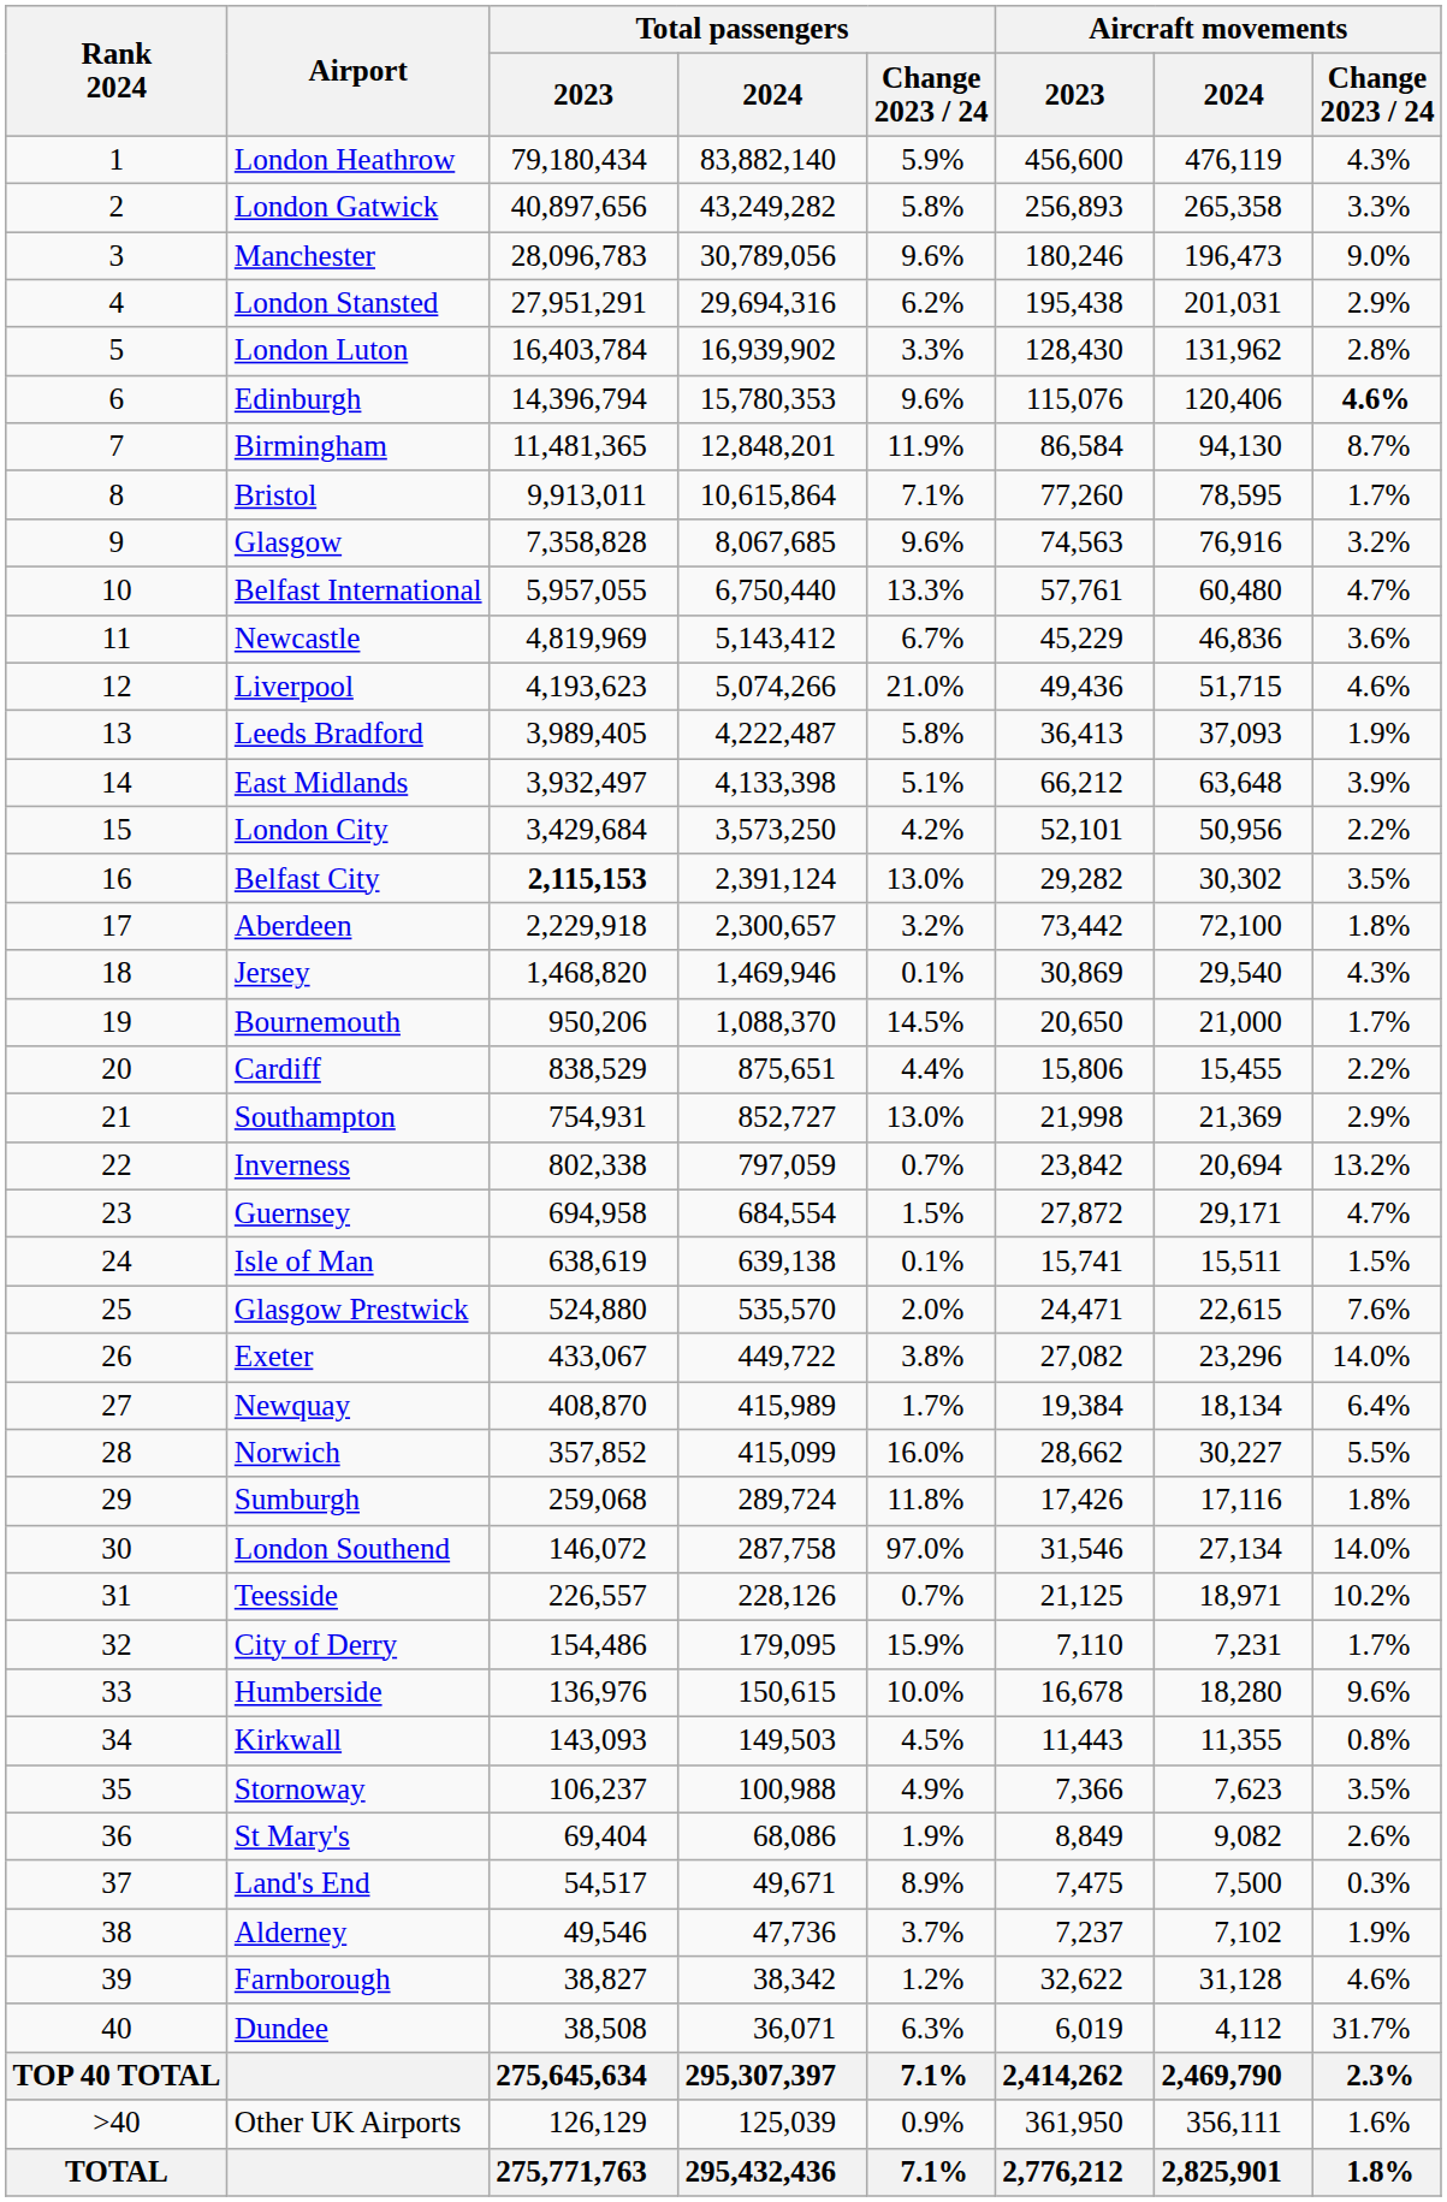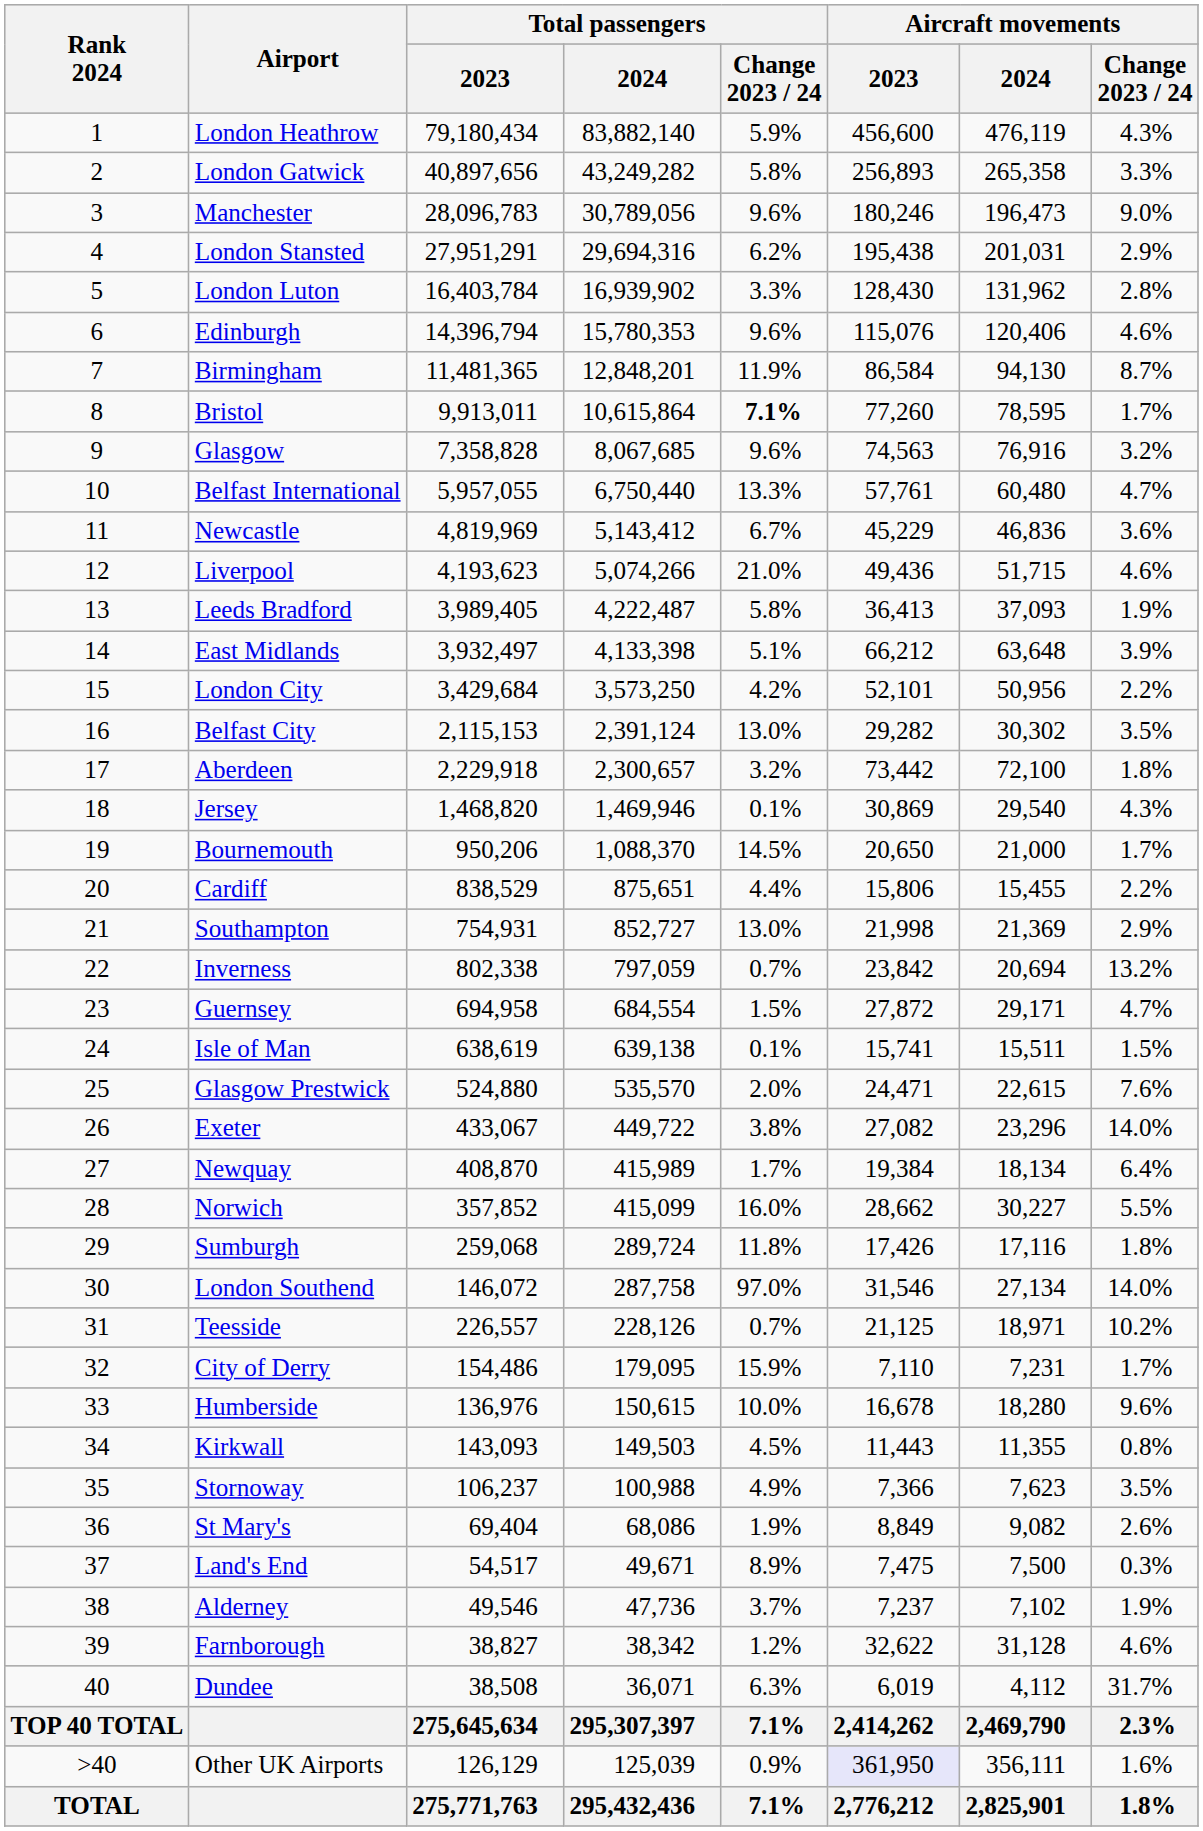 <table class="wikitable sortable" style="text-align: right;">
 <tr>
 <th rowspan=2>Rank<br>2024</th>
 <th rowspan="2">Airport</th>
 <th colspan=3>Total passengers</th>
 <th colspan=3>Aircraft movements</th>
 </tr>
 <tr>
 <th>2023</th>
 <th>2024</th>
 <th>Change<br>2023 / 24</th>
 <th>2023</th>
 <th>2024</th>
 <th>Change<br>2023 / 24</th>
 </tr>
 <tr>
 <td align='center'>1</td>
 <td align='left'><a href='#'>London Heathrow</a></td>
 <td style="padding-right: 1em;">79,180,434</td>
 <td style="padding-right: 1em;">83,882,140</td>
 <td style="padding-right: 1em;">5.9%</td>
 <td style="padding-right: 1em;">456,600</td>
 <td style="padding-right: 1em;">476,119</td>
 <td style="padding-right: 1em;">4.3%</td>
 </tr>
 <tr>
 <td align='center'>2</td>
 <td align='left'><a href='#'>London Gatwick</a></td>
 <td style="padding-right: 1em;">40,897,656</td>
 <td style="padding-right: 1em;">43,249,282</td>
 <td style="padding-right: 1em;">5.8%</td>
 <td style="padding-right: 1em;">256,893</td>
 <td style="padding-right: 1em;">265,358</td>
 <td style="padding-right: 1em;">3.3%</td>
 </tr>
 <tr>
 <td align='center'>3</td>
 <td align='left'><a href='#'>Manchester</a></td>
 <td style="padding-right: 1em;">28,096,783</td>
 <td style="padding-right: 1em;">30,789,056</td>
 <td style="padding-right: 1em;">9.6%</td>
 <td style="padding-right: 1em;">180,246</td>
 <td style="padding-right: 1em;">196,473</td>
 <td style="padding-right: 1em;">9.0%</td>
 </tr>
 <tr>
 <td align='center'>4</td>
 <td align='left'><a href='#'>London Stansted</a></td>
 <td style="padding-right: 1em;">27,951,291</td>
 <td style="padding-right: 1em;">29,694,316</td>
 <td style="padding-right: 1em;">6.2%</td>
 <td style="padding-right: 1em;">195,438</td>
 <td style="padding-right: 1em;">201,031</td>
 <td style="padding-right: 1em;">2.9%</td>
 </tr>
 <tr>
 <td align='center'>5</td>
 <td align='left'><a href='#'>London Luton</a></td>
 <td style="padding-right: 1em;">16,403,784</td>
 <td style="padding-right: 1em;">16,939,902</td>
 <td style="padding-right: 1em;">3.3%</td>
 <td style="padding-right: 1em;">128,430</td>
 <td style="padding-right: 1em;">131,962</td>
 <td style="padding-right: 1em;">2.8%</td>
 </tr>
 <tr>
 <td align='center'>6</td>
 <td align='left'><a href='#'>Edinburgh</a></td>
 <td style="padding-right: 1em;">14,396,794</td>
 <td style="padding-right: 1em;">15,780,353</td>
 <td style="padding-right: 1em;">9.6%</td>
 <td style="padding-right: 1em;">115,076</td>
 <td style="padding-right: 1em;">120,406</td>
-<td style="padding-right: 1em;"><strong>4.6%</strong></td>
+<td style="padding-right: 1em;">4.6%</td>
 </tr>
 <tr>
 <td align='center'>7</td>
 <td align='left'><a href='#'>Birmingham</a></td>
 <td style="padding-right: 1em;">11,481,365</td>
 <td style="padding-right: 1em;">12,848,201</td>
 <td style="padding-right: 1em;">11.9%</td>
 <td style="padding-right: 1em;">86,584</td>
 <td style="padding-right: 1em;">94,130</td>
 <td style="padding-right: 1em;">8.7%</td>
 </tr>
 <tr>
 <td align='center'>8</td>
 <td align='left'><a href='#'>Bristol</a></td>
 <td style="padding-right: 1em;">9,913,011</td>
 <td style="padding-right: 1em;">10,615,864</td>
-<td style="padding-right: 1em;">7.1%</td>
+<td style="padding-right: 1em;"><strong>7.1%</strong></td>
 <td style="padding-right: 1em;">77,260</td>
 <td style="padding-right: 1em;">78,595</td>
 <td style="padding-right: 1em;">1.7%</td>
 </tr>
 <tr>
 <td align='center'>9</td>
 <td align='left'><a href='#'>Glasgow</a></td>
 <td style="padding-right: 1em;">7,358,828</td>
 <td style="padding-right: 1em;">8,067,685</td>
 <td style="padding-right: 1em;">9.6%</td>
 <td style="padding-right: 1em;">74,563</td>
 <td style="padding-right: 1em;">76,916</td>
 <td style="padding-right: 1em;">3.2%</td>
 </tr>
 <tr>
 <td align='center'>10</td>
 <td align='left'><a href='#'>Belfast International</a></td>
 <td style="padding-right: 1em;">5,957,055</td>
 <td style="padding-right: 1em;">6,750,440</td>
 <td style="padding-right: 1em;">13.3%</td>
 <td style="padding-right: 1em;">57,761</td>
 <td style="padding-right: 1em;">60,480</td>
 <td style="padding-right: 1em;">4.7%</td>
 </tr>
 <tr>
 <td align='center'>11</td>
 <td align='left'><a href='#'>Newcastle</a></td>
 <td style="padding-right: 1em;">4,819,969</td>
 <td style="padding-right: 1em;">5,143,412</td>
 <td style="padding-right: 1em;">6.7%</td>
 <td style="padding-right: 1em;">45,229</td>
 <td style="padding-right: 1em;">46,836</td>
 <td style="padding-right: 1em;">3.6%</td>
 </tr>
 <tr>
 <td align='center'>12</td>
 <td align='left'><a href='#'>Liverpool</a></td>
 <td style="padding-right: 1em;">4,193,623</td>
 <td style="padding-right: 1em;">5,074,266</td>
 <td style="padding-right: 1em;">21.0%</td>
 <td style="padding-right: 1em;">49,436</td>
 <td style="padding-right: 1em;">51,715</td>
 <td style="padding-right: 1em;">4.6%</td>
 </tr>
 <tr>
 <td align='center'>13</td>
 <td align='left'><a href='#'>Leeds Bradford</a></td>
 <td style="padding-right: 1em;">3,989,405</td>
 <td style="padding-right: 1em;">4,222,487</td>
 <td style="padding-right: 1em;">5.8%</td>
 <td style="padding-right: 1em;">36,413</td>
 <td style="padding-right: 1em;">37,093</td>
 <td style="padding-right: 1em;">1.9%</td>
 </tr>
 <tr>
 <td align='center'>14</td>
 <td align='left'><a href='#'>East Midlands</a></td>
 <td style="padding-right: 1em;">3,932,497</td>
 <td style="padding-right: 1em;">4,133,398</td>
 <td style="padding-right: 1em;">5.1%</td>
 <td style="padding-right: 1em;">66,212</td>
 <td style="padding-right: 1em;">63,648</td>
 <td style="padding-right: 1em;">3.9%</td>
 </tr>
 <tr>
 <td align='center'>15</td>
 <td align='left'><a href='#'>London City</a></td>
 <td style="padding-right: 1em;">3,429,684</td>
 <td style="padding-right: 1em;">3,573,250</td>
 <td style="padding-right: 1em;">4.2%</td>
 <td style="padding-right: 1em;">52,101</td>
 <td style="padding-right: 1em;">50,956</td>
 <td style="padding-right: 1em;">2.2%</td>
 </tr>
 <tr>
 <td align='center'>16</td>
 <td align='left'><a href='#'>Belfast City</a></td>
-<td style="padding-right: 1em;"><strong>2,115,153</strong></td>
+<td style="padding-right: 1em;">2,115,153</td>
 <td style="padding-right: 1em;">2,391,124</td>
 <td style="padding-right: 1em;">13.0%</td>
 <td style="padding-right: 1em;">29,282</td>
 <td style="padding-right: 1em;">30,302</td>
 <td style="padding-right: 1em;">3.5%</td>
 </tr>
 <tr>
 <td align='center'>17</td>
 <td align='left'><a href='#'>Aberdeen</a></td>
 <td style="padding-right: 1em;">2,229,918</td>
 <td style="padding-right: 1em;">2,300,657</td>
 <td style="padding-right: 1em;">3.2%</td>
 <td style="padding-right: 1em;">73,442</td>
 <td style="padding-right: 1em;">72,100</td>
 <td style="padding-right: 1em;">1.8%</td>
 </tr>
 <tr>
 <td align='center'>18</td>
 <td align='left'><a href='#'>Jersey</a></td>
 <td style="padding-right: 1em;">1,468,820</td>
 <td style="padding-right: 1em;">1,469,946</td>
 <td style="padding-right: 1em;">0.1%</td>
 <td style="padding-right: 1em;">30,869</td>
 <td style="padding-right: 1em;">29,540</td>
 <td style="padding-right: 1em;">4.3%</td>
 </tr>
 <tr>
 <td align='center'>19</td>
 <td align='left'><a href='#'>Bournemouth</a></td>
 <td style="padding-right: 1em;">950,206</td>
 <td style="padding-right: 1em;">1,088,370</td>
 <td style="padding-right: 1em;">14.5%</td>
 <td style="padding-right: 1em;">20,650</td>
 <td style="padding-right: 1em;">21,000</td>
 <td style="padding-right: 1em;">1.7%</td>
 </tr>
 <tr>
 <td align='center'>20</td>
 <td align='left'><a href='#'>Cardiff</a></td>
 <td style="padding-right: 1em;">838,529</td>
 <td style="padding-right: 1em;">875,651</td>
 <td style="padding-right: 1em;">4.4%</td>
 <td style="padding-right: 1em;">15,806</td>
 <td style="padding-right: 1em;">15,455</td>
 <td style="padding-right: 1em;">2.2%</td>
 </tr>
 <tr>
 <td align='center'>21</td>
 <td align='left'><a href='#'>Southampton</a></td>
 <td style="padding-right: 1em;">754,931</td>
 <td style="padding-right: 1em;">852,727</td>
 <td style="padding-right: 1em;">13.0%</td>
 <td style="padding-right: 1em;">21,998</td>
 <td style="padding-right: 1em;">21,369</td>
 <td style="padding-right: 1em;">2.9%</td>
 </tr>
 <tr>
 <td align='center'>22</td>
 <td align='left'><a href='#'>Inverness</a></td>
 <td style="padding-right: 1em;">802,338</td>
 <td style="padding-right: 1em;">797,059</td>
 <td style="padding-right: 1em;">0.7%</td>
 <td style="padding-right: 1em;">23,842</td>
 <td style="padding-right: 1em;">20,694</td>
 <td style="padding-right: 1em;">13.2%</td>
 </tr>
 <tr>
 <td align='center'>23</td>
 <td align='left'><a href='#'>Guernsey</a></td>
 <td style="padding-right: 1em;">694,958</td>
 <td style="padding-right: 1em;">684,554</td>
 <td style="padding-right: 1em;">1.5%</td>
 <td style="padding-right: 1em;">27,872</td>
 <td style="padding-right: 1em;">29,171</td>
 <td style="padding-right: 1em;">4.7%</td>
 </tr>
 <tr>
 <td align='center'>24</td>
 <td align='left'><a href='#'>Isle of Man</a></td>
 <td style="padding-right: 1em;">638,619</td>
 <td style="padding-right: 1em;">639,138</td>
 <td style="padding-right: 1em;">0.1%</td>
 <td style="padding-right: 1em;">15,741</td>
 <td style="padding-right: 1em;">15,511</td>
 <td style="padding-right: 1em;">1.5%</td>
 </tr>
 <tr>
 <td align='center'>25</td>
 <td align='left'><a href='#'>Glasgow Prestwick</a></td>
 <td style="padding-right: 1em;">524,880</td>
 <td style="padding-right: 1em;">535,570</td>
 <td style="padding-right: 1em;">2.0%</td>
 <td style="padding-right: 1em;">24,471</td>
 <td style="padding-right: 1em;">22,615</td>
 <td style="padding-right: 1em;">7.6%</td>
 </tr>
 <tr>
 <td align='center'>26</td>
 <td align='left'><a href='#'>Exeter</a></td>
 <td style="padding-right: 1em;">433,067</td>
 <td style="padding-right: 1em;">449,722</td>
 <td style="padding-right: 1em;">3.8%</td>
 <td style="padding-right: 1em;">27,082</td>
 <td style="padding-right: 1em;">23,296</td>
 <td style="padding-right: 1em;">14.0%</td>
 </tr>
 <tr>
 <td align='center'>27</td>
 <td align="left"><a href='#'>Newquay</a></td>
 <td style="padding-right: 1em;">408,870</td>
 <td style="padding-right: 1em;">415,989</td>
 <td style="padding-right: 1em;">1.7%</td>
 <td style="padding-right: 1em;">19,384</td>
 <td style="padding-right: 1em;">18,134</td>
 <td style="padding-right: 1em;">6.4%</td>
 </tr>
 <tr>
 <td align='center'>28</td>
 <td align='left'><a href='#'>Norwich</a></td>
 <td style="padding-right: 1em;">357,852</td>
 <td style="padding-right: 1em;">415,099</td>
 <td style="padding-right: 1em;">16.0%</td>
 <td style="padding-right: 1em;">28,662</td>
 <td style="padding-right: 1em;">30,227</td>
 <td style="padding-right: 1em;">5.5%</td>
 </tr>
 <tr>
 <td align='center'>29</td>
 <td align="left"><a href='#'>Sumburgh</a></td>
 <td style="padding-right: 1em;">259,068</td>
 <td style="padding-right: 1em;">289,724</td>
 <td style="padding-right: 1em;">11.8%</td>
 <td style="padding-right: 1em;">17,426</td>
 <td style="padding-right: 1em;">17,116</td>
 <td style="padding-right: 1em;">1.8%</td>
 </tr>
 <tr>
 <td align='center'>30</td>
 <td align='left'><a href='#'>London Southend</a></td>
 <td style="padding-right: 1em;">146,072</td>
 <td style="padding-right: 1em;">287,758</td>
 <td style="padding-right: 1em;">97.0%</td>
 <td style="padding-right: 1em;">31,546</td>
 <td style="padding-right: 1em;">27,134</td>
 <td style="padding-right: 1em;">14.0%</td>
 </tr>
 <tr>
 <td align='center'>31</td>
 <td align="left"><a href='#'>Teesside</a></td>
 <td style="padding-right: 1em;">226,557</td>
 <td style="padding-right: 1em;">228,126</td>
 <td style="padding-right: 1em;">0.7%</td>
 <td style="padding-right: 1em;">21,125</td>
 <td style="padding-right: 1em;">18,971</td>
 <td style="padding-right: 1em;">10.2%</td>
 </tr>
 <tr>
 <td align='center'>32</td>
 <td align="left"><a href='#'>City of Derry</a></td>
 <td style="padding-right: 1em;">154,486</td>
 <td style="padding-right: 1em;">179,095</td>
 <td style="padding-right: 1em;">15.9%</td>
 <td style="padding-right: 1em;">7,110</td>
 <td style="padding-right: 1em;">7,231</td>
 <td style="padding-right: 1em;">1.7%</td>
 </tr>
 <tr>
 <td align='center'>33</td>
 <td align='left'><a href='#'>Humberside</a></td>
 <td style="padding-right: 1em;">136,976</td>
 <td style="padding-right: 1em;">150,615</td>
 <td style="padding-right: 1em;">10.0%</td>
 <td style="padding-right: 1em;">16,678</td>
 <td style="padding-right: 1em;">18,280</td>
 <td style="padding-right: 1em;">9.6%</td>
 </tr>
 <tr>
 <td align='center'>34</td>
 <td align='left'><a href='#'>Kirkwall</a></td>
 <td style="padding-right: 1em;">143,093</td>
 <td style="padding-right: 1em;">149,503</td>
 <td style="padding-right: 1em;">4.5%</td>
 <td style="padding-right: 1em;">11,443</td>
 <td style="padding-right: 1em;">11,355</td>
 <td style="padding-right: 1em;">0.8%</td>
 </tr>
 <tr>
 <td align='center'>35</td>
 <td align="left"><a href='#'>Stornoway</a></td>
 <td style="padding-right: 1em;">106,237</td>
 <td style="padding-right: 1em;">100,988</td>
 <td style="padding-right: 1em;">4.9%</td>
 <td style="padding-right: 1em;">7,366</td>
 <td style="padding-right: 1em;">7,623</td>
 <td style="padding-right: 1em;">3.5%</td>
 </tr>
 <tr>
 <td align='center'>36</td>
 <td align='left'><a href='#'>St Mary's</a></td>
 <td style="padding-right: 1em;">69,404</td>
 <td style="padding-right: 1em;">68,086</td>
 <td style="padding-right: 1em;">1.9%</td>
 <td style="padding-right: 1em;">8,849</td>
 <td style="padding-right: 1em;">9,082</td>
 <td style="padding-right: 1em;">2.6%</td>
 </tr>
 <tr>
 <td align='center'>37</td>
 <td align='left'><a href='#'>Land's End</a></td>
 <td style="padding-right: 1em;">54,517</td>
 <td style="padding-right: 1em;">49,671</td>
 <td style="padding-right: 1em;">8.9%</td>
 <td style="padding-right: 1em;">7,475</td>
 <td style="padding-right: 1em;">7,500</td>
 <td style="padding-right: 1em;">0.3%</td>
 </tr>
 <tr>
 <td align='center'>38</td>
 <td align='left'><a href='#'>Alderney</a></td>
 <td style="padding-right: 1em;">49,546</td>
 <td style="padding-right: 1em;">47,736</td>
 <td style="padding-right: 1em;">3.7%</td>
 <td style="padding-right: 1em;">7,237</td>
 <td style="padding-right: 1em;">7,102</td>
 <td style="padding-right: 1em;">1.9%</td>
 </tr>
 <tr>
 <td align='center'>39</td>
 <td align='left'><a href='#'>Farnborough</a></td>
 <td style="padding-right: 1em;">38,827</td>
 <td style="padding-right: 1em;">38,342</td>
 <td style="padding-right: 1em;">1.2%</td>
 <td style="padding-right: 1em;">32,622</td>
 <td style="padding-right: 1em;">31,128</td>
 <td style="padding-right: 1em;">4.6%</td>
 </tr>
 <tr>
 <td align='center'>40</td>
 <td align='left'><a href='#'>Dundee</a></td>
 <td style="padding-right: 1em;">38,508</td>
 <td style="padding-right: 1em;">36,071</td>
 <td style="padding-right: 1em;">6.3%</td>
 <td style="padding-right: 1em;">6,019</td>
 <td style="padding-right: 1em;">4,112</td>
 <td style="padding-right: 1em;">31.7%</td>
 </tr>
 <tr class="sortbottom">
 <th>TOP 40 TOTAL</th>
 <th></th>
 <th style="padding-right: 1em;">275,645,634</th>
 <th style="padding-right: 1em;">295,307,397</th>
 <th style="padding-right: 0em;">7.1%</th>
 <th style="padding-right: 1em;">2,414,262</th>
 <th style="padding-right: 1em;">2,469,790</th>
 <th style="padding-right: 0em;">2.3%</th>
 </tr>
 <tr class="sortbottom">
 <td align='center'>>40</td>
 <td align='left'>Other UK Airports</td>
 <td style="padding-right: 1em;">126,129</td>
 <td style="padding-right: 1em;">125,039</td>
 <td style="padding-right: 1em;">0.9%</td>
-<td style="padding-right: 1em;">361,950</td>
+<td style="background: lavender; padding-right: 1em;">361,950</td>
 <td style="padding-right: 1em;">356,111</td>
 <td style="padding-right: 1em;">1.6%</td>
 </tr>
 <tr class="sortbottom">
 <th>TOTAL</th>
 <th></th>
 <th style="padding-right: 1em;">275,771,763</th>
 <th style="padding-right: 1em;">295,432,436</th>
 <th style="padding-right: 0em;">7.1%</th>
 <th style="padding-right: 1em;">2,776,212</th>
 <th style="padding-right: 1em;">2,825,901</th>
 <th style="padding-right: 0em;">1.8%</th>
 </tr>
 </table>
